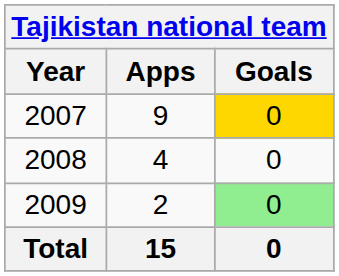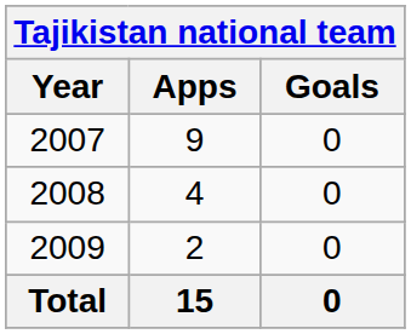 <table class="wikitable" style="text-align:center">
 <tr>
 <th colspan=3><a href='#'>Tajikistan national team</a></th>
 </tr>
 <tr>
 <th>Year</th>
 <th>Apps</th>
 <th>Goals</th>
 </tr>
 <tr>
 <td>2007</td>
 <td>9</td>
-<td style="background: gold;">0</td>
+<td>0</td>
 </tr>
 <tr>
 <td>2008</td>
 <td>4</td>
 <td>0</td>
 </tr>
 <tr>
 <td>2009</td>
 <td>2</td>
-<td style="background: lightgreen;">0</td>
+<td>0</td>
 </tr>
 <tr>
 <th>Total</th>
 <th>15</th>
 <th>0</th>
 </tr>
 </table>
